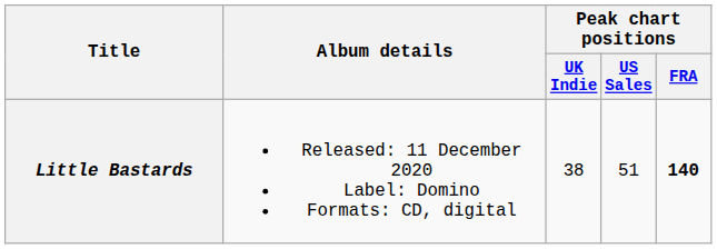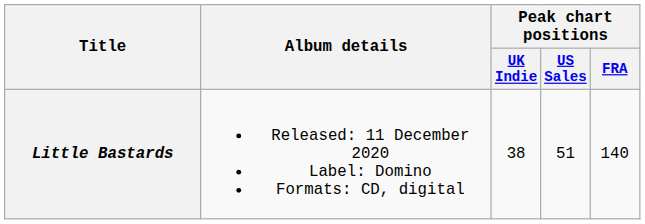 <table class="wikitable plainrowheaders" style="text-align:center;" border="1">
 <tr>
 <th scope="col" rowspan="2" style="width:12em;">Title</th>
 <th scope="col" rowspan="2" style="width:18em;">Album details</th>
 <th scope="col" colspan="3">Peak chart positions</th>
 </tr>
 <tr>
 <th scope="col" style="width:3em;font-size:90%;"><a href='#'>UK<br>Indie</a><br></th>
 <th scope="col" style="width:3em;font-size:90%;"><a href='#'>US<br>Sales</a><br></th>
 <th scope="col" style="width:3em;font-size:90%;"><a href='#'>FRA</a><br></th>
 </tr>
 <tr>
 <th scope="row"><em>Little Bastards</em></th>
 <td><br><ul><li>Released: 11 December 2020</li><li>Label: Domino</li><li>Formats: CD, digital</li></ul></td>
 <td>38</td>
 <td>51</td>
-<td><strong>140</strong></td>
+<td>140</td>
 </tr>
 </table>
